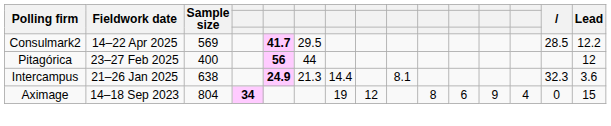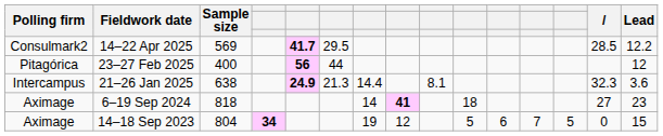 <table class="wikitable unsortable" style="text-align:center;font-size:90%;line-height:14px;">
 <tr>
 <th rowspan="3" style="width:90px;">Polling firm</th>
 <th rowspan="3" style="width:110px;">Fieldwork date</th>
 <th rowspan="3">Sample<br>size</th>
 <th></th>
 <th></th>
 <th></th>
 <th></th>
 <th></th>
 <th></th>
 <th></th>
 <th></th>
 <th></th>
 <th></th>
 <th class="unsortable" style="width:30px;" rowspan="3">/</th>
 <th rowspan="3">Lead</th>
 </tr>
 <tr style="height:20px;">
 <th class="unsortable" style="width:30px;"></th>
 <th class="unsortable" style="width:30px;"></th>
 <th class="unsortable" style="width:30px;"></th>
 <th class="unsortable" style="width:30px;"></th>
 <th class="unsortable" style="width:30px;"></th>
 <th class="unsortable" style="width:30px;"></th>
 <th class="unsortable" style="width:30px;"></th>
 <th class="unsortable" style="width:30px;"></th>
 <th class="unsortable" style="width:30px;"></th>
 <th class="unsortable" style="width:30px;"></th>
 </tr>
 <tr>
 <th style="background:"></th>
 <th style="background:"></th>
 <th style="background:"></th>
 <th style="background:"></th>
 <th style="background:"></th>
 <th style="background:"></th>
 <th style="background:"></th>
 <th style="background:"></th>
 <th style="background:"></th>
 <th style="background:"></th>
 </tr>
 <tr>
 <td>Consulmark2</td>
 <td>14–22 Apr 2025</td>
 <td>569</td>
 <td></td>
 <td style="background:#FFCBFF"><strong>41.7</strong></td>
 <td>29.5</td>
 <td></td>
 <td></td>
 <td></td>
 <td></td>
 <td></td>
 <td></td>
 <td></td>
 <td>28.5</td>
 <td style="background:">12.2</td>
 </tr>
 <tr>
 <td>Pitagórica</td>
 <td>23–27 Feb 2025</td>
 <td>400</td>
 <td></td>
 <td style="background:#FFCBFF"><strong>56</strong></td>
 <td>44</td>
 <td></td>
 <td></td>
 <td></td>
 <td></td>
 <td></td>
 <td></td>
 <td></td>
 <td></td>
 <td style="background:">12</td>
 </tr>
 <tr>
 <td>Intercampus</td>
 <td>21–26 Jan 2025</td>
 <td>638</td>
 <td></td>
 <td style="background:#FFCBFF"><strong>24.9</strong></td>
 <td>21.3</td>
 <td>14.4</td>
 <td></td>
 <td>8.1</td>
 <td></td>
 <td></td>
 <td></td>
 <td></td>
 <td>32.3</td>
 <td style="background:">3.6</td>
 </tr>
 <tr>
 <td style="text-align:center;">Aximage</td>
+<td style="text-align:center;">6–19 Sep 2024</td>
+<td align="center">818</td>
+<td></td>
+<td></td>
+<td></td>
+<td style="text-align:center;">14</td>
+<td style="background:#FFCBFF"><strong>41</strong></td>
+<td></td>
+<td style="text-align:center;">18</td>
+<td></td>
+<td></td>
+<td></td>
+<td style="text-align:center;">27</td>
+<td style="background:">23</td>
+</tr>
+<tr>
+<td style="text-align:center;">Aximage</td>
 <td style="text-align:center;">14–18 Sep 2023</td>
 <td align="center">804</td>
 <td style="background:#FFCBFF"><strong>34</strong></td>
 <td></td>
 <td></td>
 <td style="text-align:center;">19</td>
 <td style="text-align:center;">12</td>
 <td></td>
-<td style="text-align:center;">8</td>
+<td style="text-align:center;">5</td>
 <td style="text-align:center;">6</td>
-<td>9</td>
-<td style="text-align:center;">4</td>
+<td>7</td>
+<td style="text-align:center;">5</td>
 <td style="text-align:center;">0</td>
 <td style="background:">15</td>
 </tr>
 </table>
